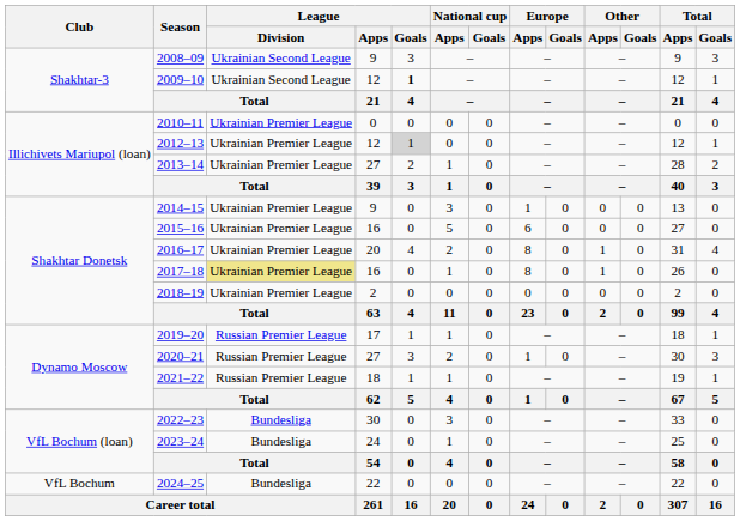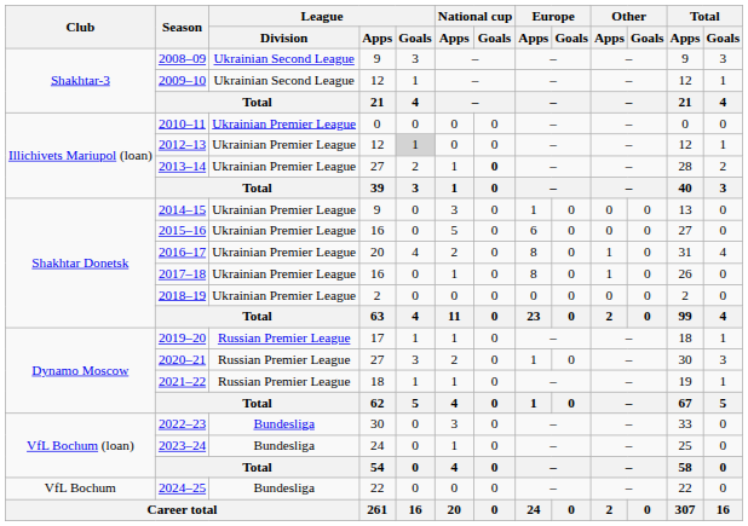 <table class="wikitable" style="text-align:center">
 <tr>
 <th rowspan="2">Club</th>
 <th rowspan="2">Season</th>
 <th colspan="3">League</th>
 <th colspan="2">National cup</th>
 <th colspan="2">Europe</th>
 <th colspan="2">Other</th>
 <th colspan="2">Total</th>
 </tr>
 <tr>
 <th>Division</th>
 <th>Apps</th>
 <th>Goals</th>
 <th>Apps</th>
 <th>Goals</th>
 <th>Apps</th>
 <th>Goals</th>
 <th>Apps</th>
 <th>Goals</th>
 <th>Apps</th>
 <th>Goals</th>
 </tr>
 <tr>
 <td rowspan="3"><a href='#'>Shakhtar-3</a></td>
 <td><a href='#'>2008–09</a></td>
 <td><a href='#'>Ukrainian Second League</a></td>
 <td>9</td>
 <td>3</td>
 <td colspan="2">–</td>
 <td colspan="2">–</td>
 <td colspan="2">–</td>
 <td>9</td>
 <td>3</td>
 </tr>
 <tr>
 <td><a href='#'>2009–10</a></td>
 <td>Ukrainian Second League</td>
 <td>12</td>
-<td><strong>1</strong></td>
+<td>1</td>
 <td colspan="2">–</td>
 <td colspan="2">–</td>
 <td colspan="2">–</td>
 <td>12</td>
 <td>1</td>
 </tr>
 <tr>
 <th colspan="2">Total</th>
 <th>21</th>
 <th>4</th>
 <th colspan="2">–</th>
 <th colspan="2">–</th>
 <th colspan="2">–</th>
 <th>21</th>
 <th>4</th>
 </tr>
 <tr>
 <td rowspan="4"><a href='#'>Illichivets Mariupol</a> (loan)</td>
 <td><a href='#'>2010–11</a></td>
 <td><a href='#'>Ukrainian Premier League</a></td>
 <td>0</td>
 <td>0</td>
 <td>0</td>
 <td>0</td>
 <td colspan="2">–</td>
 <td colspan="2">–</td>
 <td>0</td>
 <td>0</td>
 </tr>
 <tr>
 <td><a href='#'>2012–13</a></td>
 <td>Ukrainian Premier League</td>
 <td>12</td>
 <td style="background: lightgrey;">1</td>
 <td>0</td>
 <td>0</td>
 <td colspan="2">–</td>
 <td colspan="2">–</td>
 <td>12</td>
 <td>1</td>
 </tr>
 <tr>
 <td><a href='#'>2013–14</a></td>
 <td>Ukrainian Premier League</td>
 <td>27</td>
 <td>2</td>
 <td>1</td>
-<td>0</td>
+<td><strong>0</strong></td>
 <td colspan="2">–</td>
 <td colspan="2">–</td>
 <td>28</td>
 <td>2</td>
 </tr>
 <tr>
 <th colspan="2">Total</th>
 <th>39</th>
 <th>3</th>
 <th>1</th>
 <th>0</th>
 <th colspan="2">–</th>
 <th colspan="2">–</th>
 <th>40</th>
 <th>3</th>
 </tr>
 <tr>
 <td rowspan="6"><a href='#'>Shakhtar Donetsk</a></td>
 <td><a href='#'>2014–15</a></td>
 <td>Ukrainian Premier League</td>
 <td>9</td>
 <td>0</td>
 <td>3</td>
 <td>0</td>
 <td>1</td>
 <td>0</td>
 <td>0</td>
 <td>0</td>
 <td>13</td>
 <td>0</td>
 </tr>
 <tr>
 <td><a href='#'>2015–16</a></td>
 <td>Ukrainian Premier League</td>
 <td>16</td>
 <td>0</td>
 <td>5</td>
 <td>0</td>
 <td>6</td>
 <td>0</td>
 <td>0</td>
 <td>0</td>
 <td>27</td>
 <td>0</td>
 </tr>
 <tr>
 <td><a href='#'>2016–17</a></td>
 <td>Ukrainian Premier League</td>
 <td>20</td>
 <td>4</td>
 <td>2</td>
 <td>0</td>
 <td>8</td>
 <td>0</td>
 <td>1</td>
 <td>0</td>
 <td>31</td>
 <td>4</td>
 </tr>
 <tr>
 <td><a href='#'>2017–18</a></td>
-<td style="background: khaki;">Ukrainian Premier League</td>
+<td>Ukrainian Premier League</td>
 <td>16</td>
 <td>0</td>
 <td>1</td>
 <td>0</td>
 <td>8</td>
 <td>0</td>
 <td>1</td>
 <td>0</td>
 <td>26</td>
 <td>0</td>
 </tr>
 <tr>
 <td><a href='#'>2018–19</a></td>
 <td>Ukrainian Premier League</td>
 <td>2</td>
 <td>0</td>
 <td>0</td>
 <td>0</td>
 <td>0</td>
 <td>0</td>
 <td>0</td>
 <td>0</td>
 <td>2</td>
 <td>0</td>
 </tr>
 <tr>
 <th colspan="2">Total</th>
 <th>63</th>
 <th>4</th>
 <th>11</th>
 <th>0</th>
 <th>23</th>
 <th>0</th>
 <th>2</th>
 <th>0</th>
 <th>99</th>
 <th>4</th>
 </tr>
 <tr>
 <td rowspan="4"><a href='#'>Dynamo Moscow</a></td>
 <td><a href='#'>2019–20</a></td>
 <td><a href='#'>Russian Premier League</a></td>
 <td>17</td>
 <td>1</td>
 <td>1</td>
 <td>0</td>
 <td colspan="2">–</td>
 <td colspan="2">–</td>
 <td>18</td>
 <td>1</td>
 </tr>
 <tr>
 <td><a href='#'>2020–21</a></td>
 <td>Russian Premier League</td>
 <td>27</td>
 <td>3</td>
 <td>2</td>
 <td>0</td>
 <td>1</td>
 <td>0</td>
 <td colspan="2">–</td>
 <td>30</td>
 <td>3</td>
 </tr>
 <tr>
 <td><a href='#'>2021–22</a></td>
 <td>Russian Premier League</td>
 <td>18</td>
 <td>1</td>
 <td>1</td>
 <td>0</td>
 <td colspan="2">–</td>
 <td colspan="2">–</td>
 <td>19</td>
 <td>1</td>
 </tr>
 <tr>
 <th colspan="2">Total</th>
 <th>62</th>
 <th>5</th>
 <th>4</th>
 <th>0</th>
 <th>1</th>
 <th>0</th>
 <th colspan="2">–</th>
 <th>67</th>
 <th>5</th>
 </tr>
 <tr>
 <td rowspan="3"><a href='#'>VfL Bochum</a> (loan)</td>
 <td><a href='#'>2022–23</a></td>
 <td><a href='#'>Bundesliga</a></td>
 <td>30</td>
 <td>0</td>
 <td>3</td>
 <td>0</td>
 <td colspan="2">–</td>
 <td colspan="2">–</td>
 <td>33</td>
 <td>0</td>
 </tr>
 <tr>
 <td><a href='#'>2023–24</a></td>
 <td>Bundesliga</td>
 <td>24</td>
 <td>0</td>
 <td>1</td>
 <td>0</td>
 <td colspan="2">–</td>
 <td colspan="2">–</td>
 <td>25</td>
 <td>0</td>
 </tr>
 <tr>
 <th colspan="2">Total</th>
 <th>54</th>
 <th>0</th>
 <th>4</th>
 <th>0</th>
 <th colspan="2">–</th>
 <th colspan="2">–</th>
 <th>58</th>
 <th>0</th>
 </tr>
 <tr>
 <td>VfL Bochum</td>
 <td><a href='#'>2024–25</a></td>
 <td>Bundesliga</td>
 <td>22</td>
 <td>0</td>
 <td>0</td>
 <td>0</td>
 <td colspan="2">–</td>
 <td colspan="2">–</td>
 <td>22</td>
 <td>0</td>
 </tr>
 <tr>
 <th colspan="3">Career total</th>
 <th>261</th>
 <th>16</th>
 <th>20</th>
 <th>0</th>
 <th>24</th>
 <th>0</th>
 <th>2</th>
 <th>0</th>
 <th>307</th>
 <th>16</th>
 </tr>
 </table>
